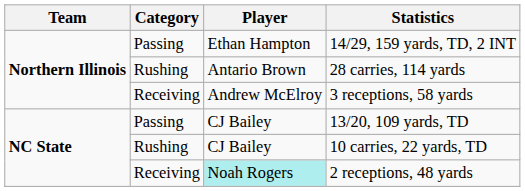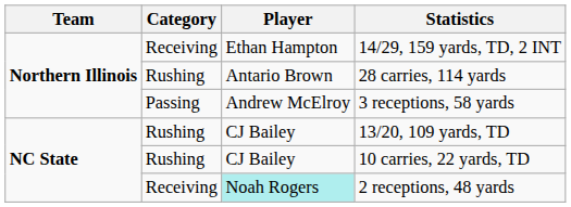 <table class="wikitable" style="float: right;">
 <tr>
 <th>Team</th>
 <th>Category</th>
 <th>Player</th>
 <th>Statistics</th>
 </tr>
 <tr>
 <td rowspan=3><strong>Northern Illinois</strong></td>
-<td>Passing</td>
+<td>Receiving</td>
 <td>Ethan Hampton</td>
 <td>14/29, 159 yards, TD, 2 INT</td>
 </tr>
 <tr>
 <td>Rushing</td>
 <td>Antario Brown</td>
 <td>28 carries, 114 yards</td>
 </tr>
 <tr>
-<td>Receiving</td>
+<td>Passing</td>
 <td>Andrew McElroy</td>
 <td>3 receptions, 58 yards</td>
 </tr>
 <tr>
 <td rowspan=3><strong>NC State</strong></td>
-<td>Passing</td>
+<td>Rushing</td>
 <td>CJ Bailey</td>
 <td>13/20, 109 yards, TD</td>
 </tr>
 <tr>
 <td>Rushing</td>
 <td>CJ Bailey</td>
 <td>10 carries, 22 yards, TD</td>
 </tr>
 <tr>
 <td>Receiving</td>
 <td style="background: paleturquoise;">Noah Rogers</td>
 <td>2 receptions, 48 yards</td>
 </tr>
 </table>
